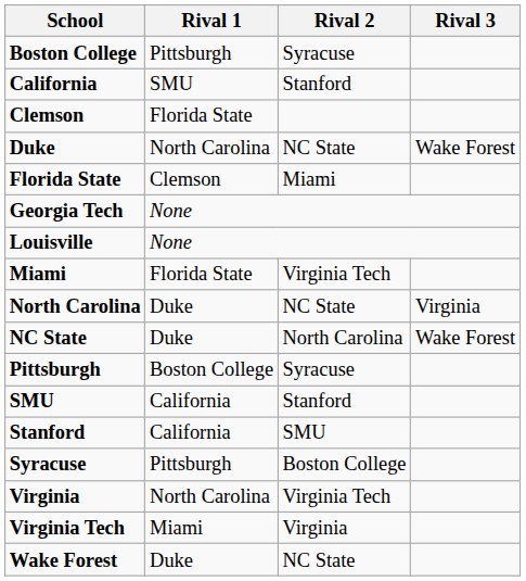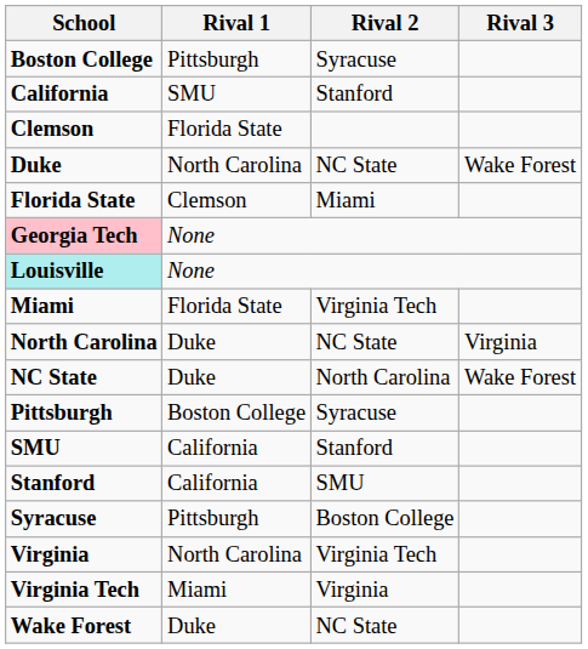 <table class="wikitable">
 <tr>
 <th scope="col">School</th>
 <th scope="col">Rival 1</th>
 <th scope="col">Rival 2</th>
 <th scope="col">Rival 3</th>
 </tr>
 <tr>
 <td><strong>Boston College</strong></td>
 <td>Pittsburgh</td>
 <td>Syracuse</td>
 <td></td>
 </tr>
 <tr>
 <td><strong>California</strong></td>
 <td>SMU</td>
 <td>Stanford</td>
 <td></td>
 </tr>
 <tr>
 <td><strong>Clemson</strong></td>
 <td>Florida State</td>
 <td></td>
 <td></td>
 </tr>
 <tr>
 <td><strong>Duke</strong></td>
 <td>North Carolina</td>
 <td>NC State</td>
 <td>Wake Forest</td>
 </tr>
 <tr>
 <td><strong>Florida State</strong></td>
 <td>Clemson</td>
 <td>Miami</td>
 <td></td>
 </tr>
 <tr>
-<td><strong>Georgia Tech</strong></td>
+<td style="background: pink;"><strong>Georgia Tech</strong></td>
 <td colspan=3><em>None</em></td>
 </tr>
 <tr>
-<td><strong>Louisville</strong></td>
+<td style="background: paleturquoise;"><strong>Louisville</strong></td>
 <td colspan=3><em>None</em></td>
 </tr>
 <tr>
 <td><strong>Miami</strong></td>
 <td>Florida State</td>
 <td>Virginia Tech</td>
 <td></td>
 </tr>
 <tr>
 <td><strong>North Carolina</strong></td>
 <td>Duke</td>
 <td>NC State</td>
 <td>Virginia</td>
 </tr>
 <tr>
 <td><strong>NC State</strong></td>
 <td>Duke</td>
 <td>North Carolina</td>
 <td>Wake Forest</td>
 </tr>
 <tr>
 <td><strong>Pittsburgh</strong></td>
 <td>Boston College</td>
 <td>Syracuse</td>
 <td></td>
 </tr>
 <tr>
 <td><strong>SMU</strong></td>
 <td>California</td>
 <td>Stanford</td>
 <td></td>
 </tr>
 <tr>
 <td><strong>Stanford</strong></td>
 <td>California</td>
 <td>SMU</td>
 <td></td>
 </tr>
 <tr>
 <td><strong>Syracuse</strong></td>
 <td>Pittsburgh</td>
 <td>Boston College</td>
 <td></td>
 </tr>
 <tr>
 <td><strong>Virginia</strong></td>
 <td>North Carolina</td>
 <td>Virginia Tech</td>
 <td></td>
 </tr>
 <tr>
 <td><strong>Virginia Tech</strong></td>
 <td>Miami</td>
 <td>Virginia</td>
 <td></td>
 </tr>
 <tr>
 <td><strong>Wake Forest</strong></td>
 <td>Duke</td>
 <td>NC State</td>
 <td></td>
 </tr>
 </table>
